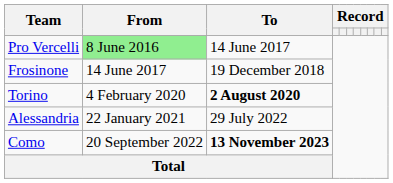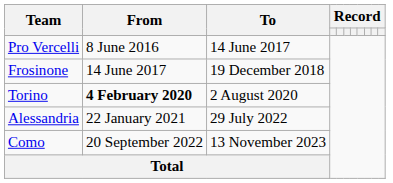 <table class=wikitable style="text-align: center">
 <tr>
 <th rowspan="2">Team</th>
 <th rowspan="2">From</th>
 <th rowspan="2">To</th>
 <th colspan="8">Record</th>
 </tr>
 <tr>
 <th></th>
 <th></th>
 <th></th>
 <th></th>
 <th></th>
 <th></th>
 <th></th>
 <th></th>
 </tr>
 <tr>
 <td align=left><a href='#'>Pro Vercelli</a></td>
-<td align=left style="background: lightgreen;">8 June 2016</td>
+<td align=left>8 June 2016</td>
 <td align=left>14 June 2017<br></td>
 </tr>
 <tr>
 <td align=left><a href='#'>Frosinone</a></td>
 <td align=left>14 June 2017</td>
 <td align=left>19 December 2018<br></td>
 </tr>
 <tr>
 <td align=left><a href='#'>Torino</a></td>
-<td align=left>4 February 2020</td>
-<td align=left><strong>2 August 2020<br></strong></td>
+<td align=left><strong>4 February 2020</strong></td>
+<td align=left>2 August 2020<br></td>
 </tr>
 <tr>
 <td align=left><a href='#'>Alessandria</a></td>
 <td align=left>22 January 2021</td>
 <td align=left>29 July 2022<br></td>
 </tr>
 <tr>
 <td align=left><a href='#'>Como</a></td>
 <td align=left>20 September 2022</td>
-<td align=left><strong>13 November 2023<br></strong></td>
+<td align=left>13 November 2023<br></td>
 </tr>
 <tr>
 <th colspan=3>Total<br></th>
 </tr>
 </table>
